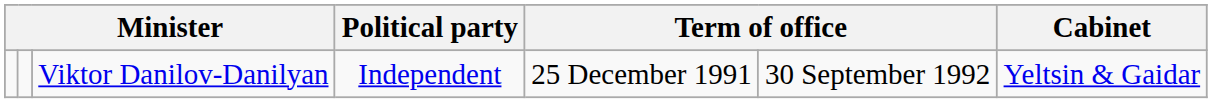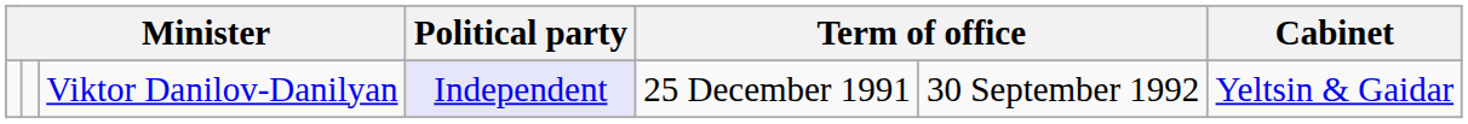 <table class="wikitable" style="text-align:center;">
 <tr>
 <th colspan=3>Minister</th>
 <th>Political party</th>
 <th colspan=2>Term of office</th>
 <th>Cabinet</th>
 </tr>
 <tr>
 <td style="background: "></td>
 <td></td>
 <td><a href='#'>Viktor Danilov-Danilyan</a></td>
-<td><a href='#'>Independent</a></td>
+<td style="background: lavender;"><a href='#'>Independent</a></td>
 <td>25 December 1991</td>
 <td>30 September 1992</td>
 <td><a href='#'>Yeltsin & Gaidar</a></td>
 </tr>
 </table>
